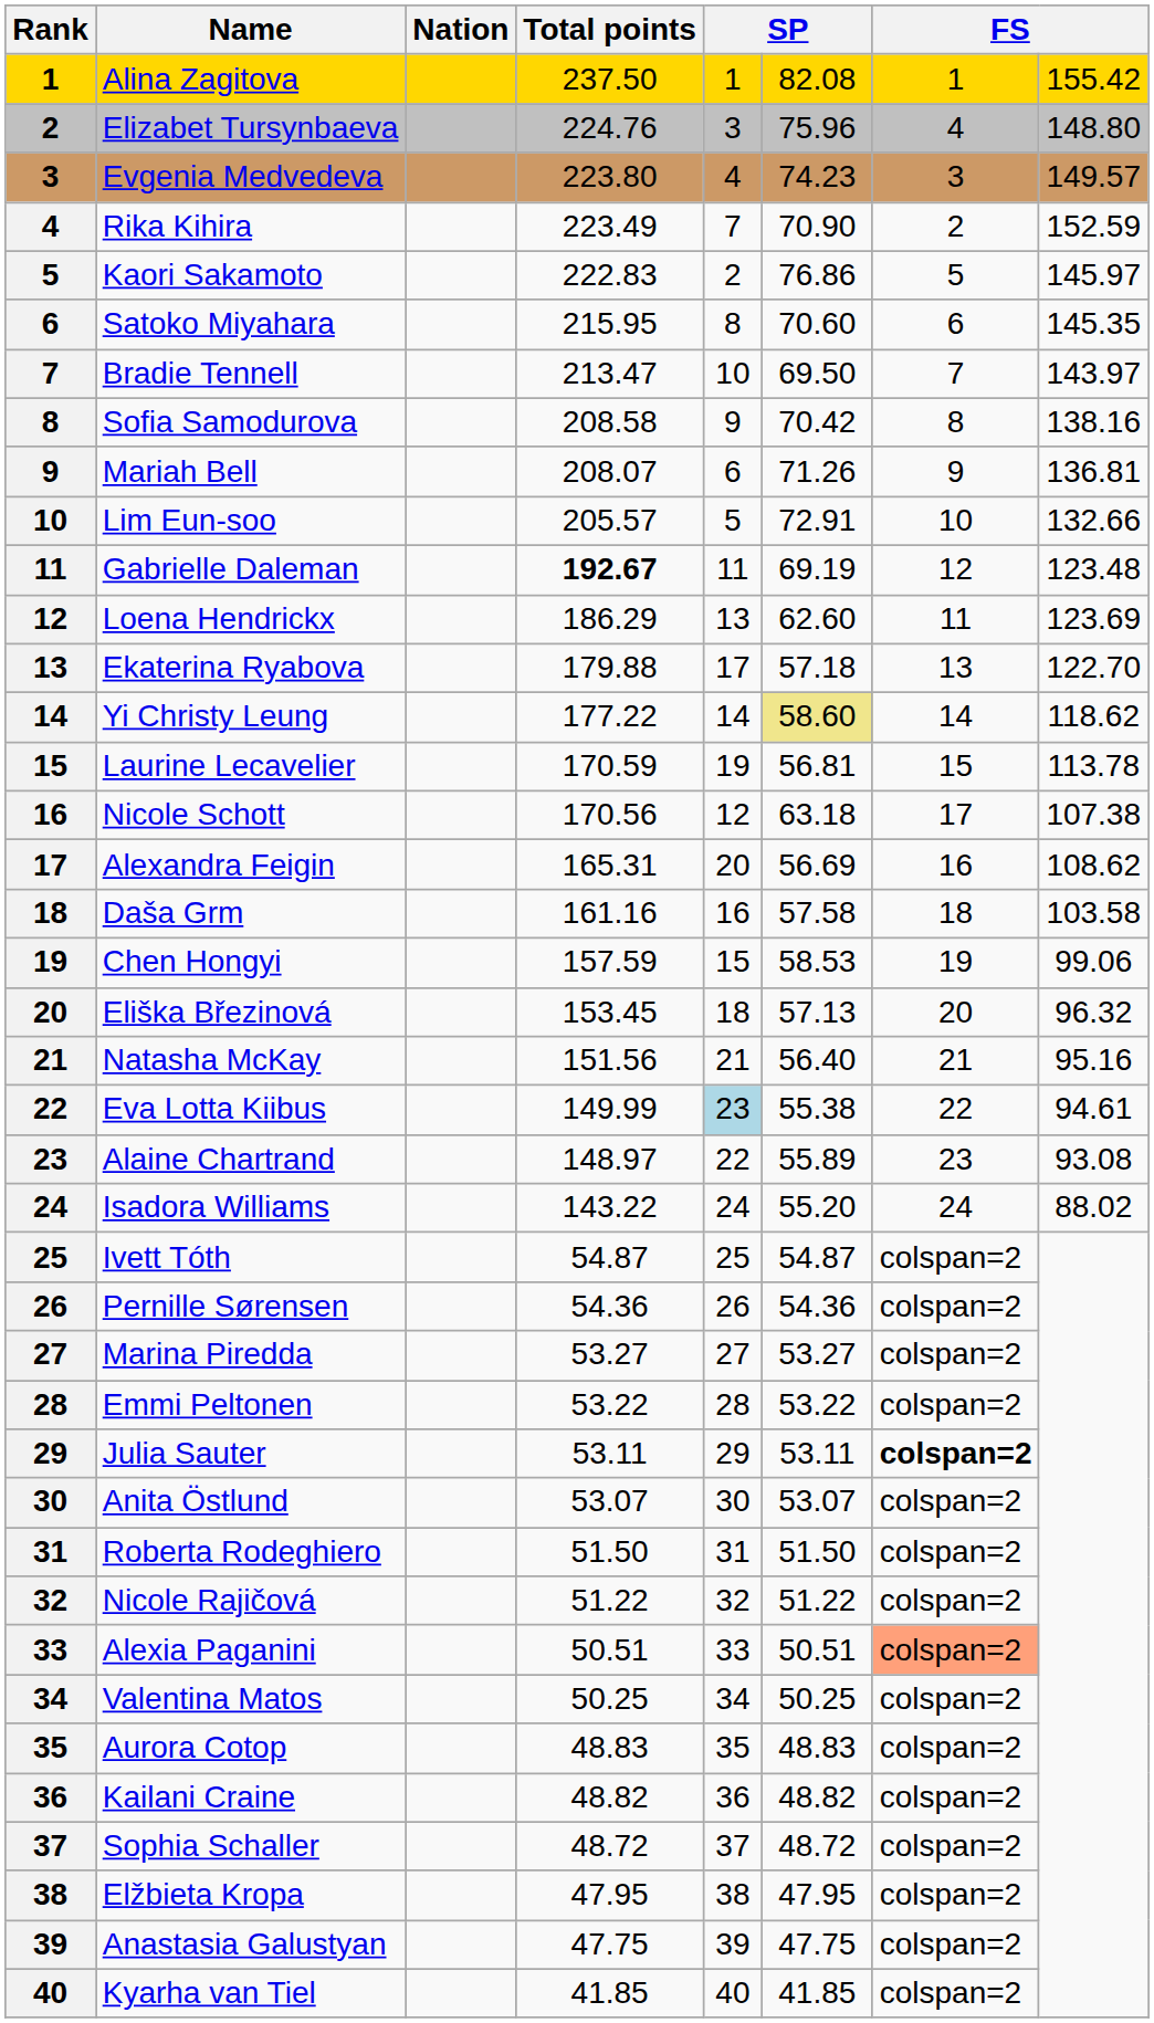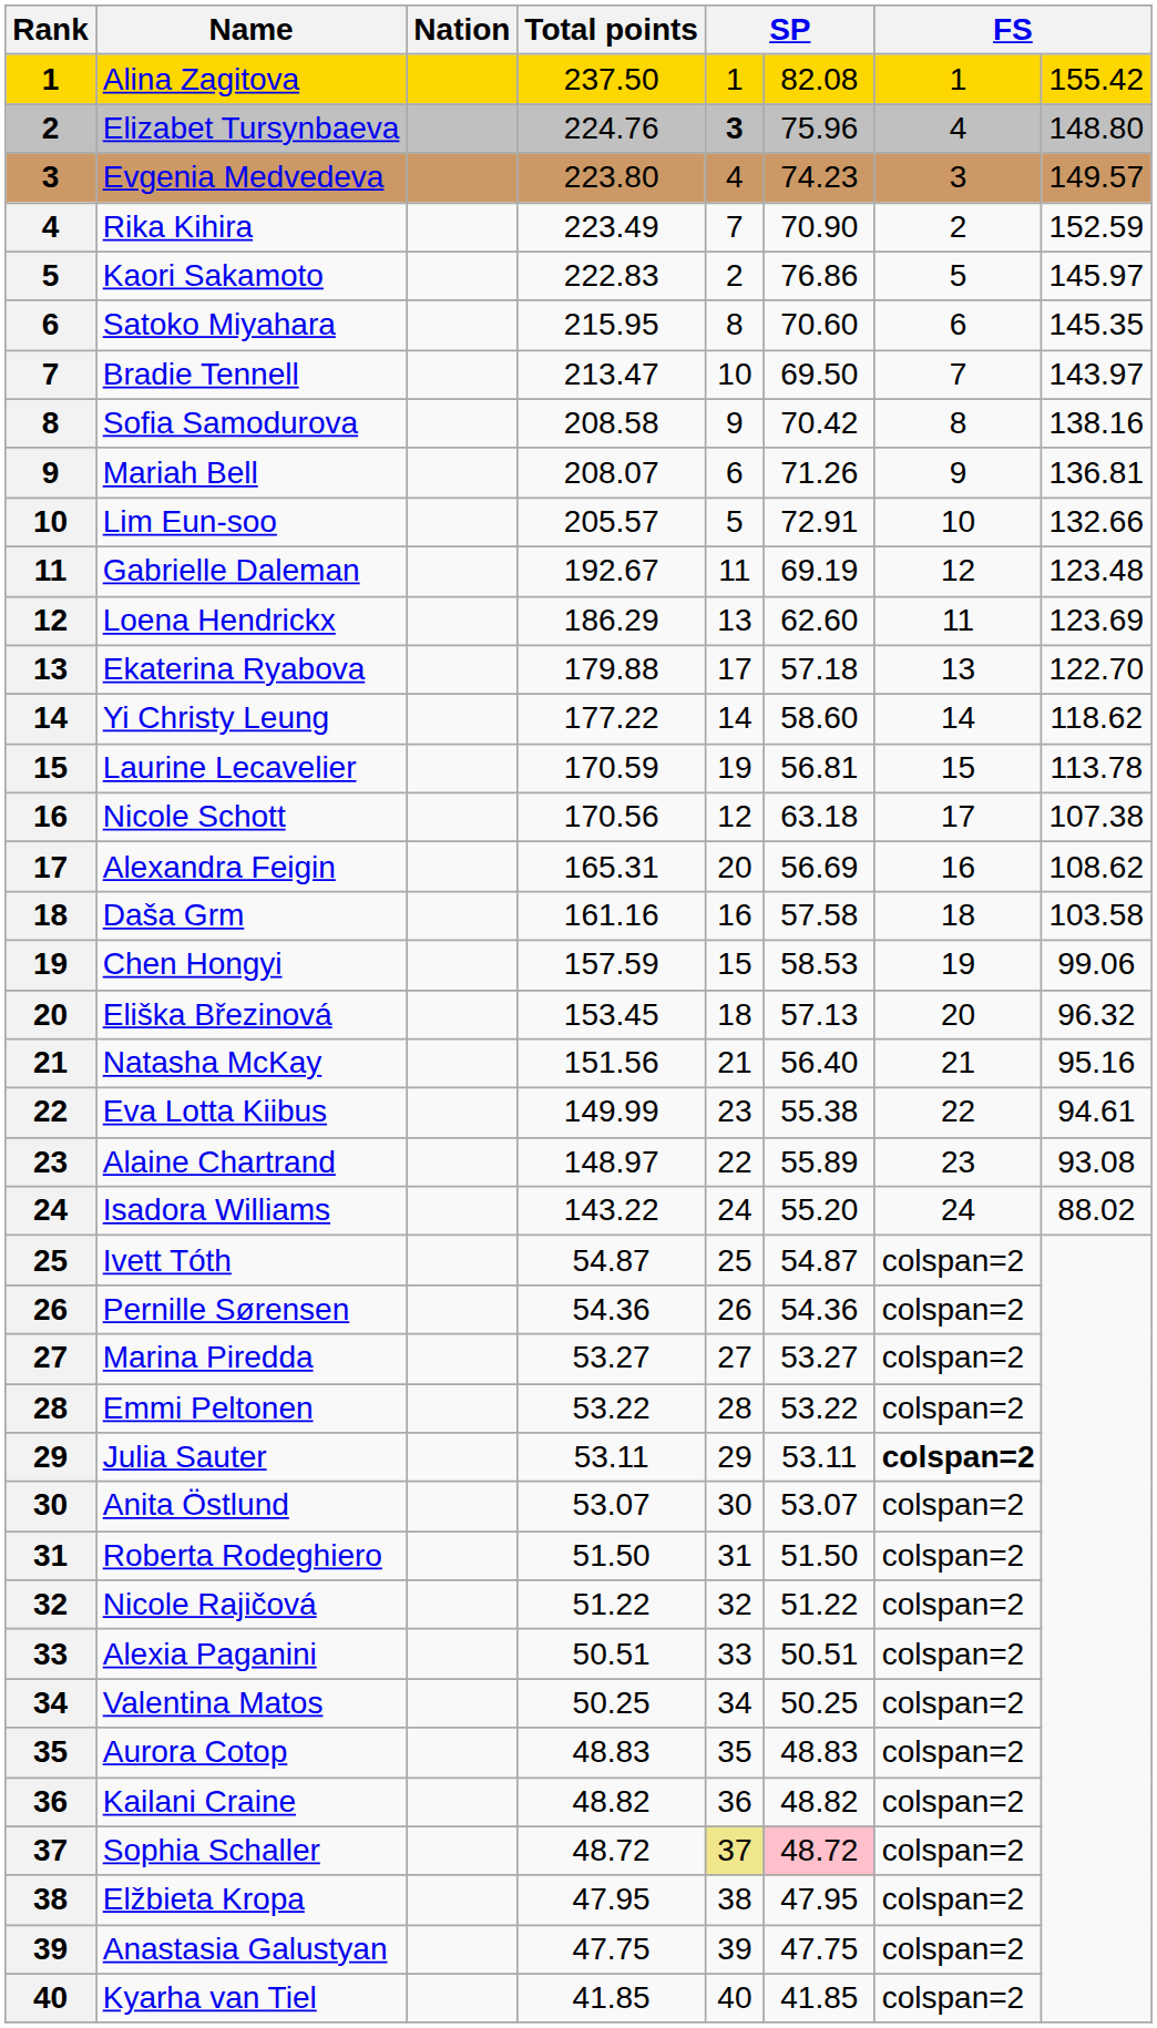 <table class="wikitable sortable">
 <tr>
 <th>Rank</th>
 <th>Name</th>
 <th>Nation</th>
 <th>Total points</th>
 <th colspan="2" width="80px"><a href='#'>SP</a></th>
 <th colspan="2" width="80px"><a href='#'>FS</a></th>
 </tr>
 <tr bgcolor="gold">
 <td align="center"><strong>1</strong></td>
 <td><a href='#'>Alina Zagitova</a></td>
 <td></td>
 <td align="center">237.50</td>
 <td align="center">1</td>
 <td align="center">82.08</td>
 <td align="center">1</td>
 <td align="center">155.42</td>
 </tr>
 <tr bgcolor="silver">
 <td align="center"><strong>2</strong></td>
 <td><a href='#'>Elizabet Tursynbaeva</a></td>
 <td></td>
 <td align="center">224.76</td>
-<td align="center">3</td>
+<td align="center"><strong>3</strong></td>
 <td align="center">75.96</td>
 <td align="center">4</td>
 <td align="center">148.80</td>
 </tr>
 <tr bgcolor="cc9966">
 <td align="center"><strong>3</strong></td>
 <td><a href='#'>Evgenia Medvedeva</a></td>
 <td></td>
 <td align="center">223.80</td>
 <td align="center">4</td>
 <td align="center">74.23</td>
 <td align="center">3</td>
 <td align="center">149.57</td>
 </tr>
 <tr>
 <th>4</th>
 <td><a href='#'>Rika Kihira</a></td>
 <td></td>
 <td align="center">223.49</td>
 <td align="center">7</td>
 <td align="center">70.90</td>
 <td align="center">2</td>
 <td align="center">152.59</td>
 </tr>
 <tr>
 <th>5</th>
 <td><a href='#'>Kaori Sakamoto</a></td>
 <td></td>
 <td align="center">222.83</td>
 <td align="center">2</td>
 <td align="center">76.86</td>
 <td align="center">5</td>
 <td align="center">145.97</td>
 </tr>
 <tr>
 <th>6</th>
 <td><a href='#'>Satoko Miyahara</a></td>
 <td></td>
 <td align="center">215.95</td>
 <td align="center">8</td>
 <td align="center">70.60</td>
 <td align="center">6</td>
 <td align="center">145.35</td>
 </tr>
 <tr>
 <th>7</th>
 <td><a href='#'>Bradie Tennell</a></td>
 <td></td>
 <td align="center">213.47</td>
 <td align="center">10</td>
 <td align="center">69.50</td>
 <td align="center">7</td>
 <td align="center">143.97</td>
 </tr>
 <tr>
 <th>8</th>
 <td><a href='#'>Sofia Samodurova</a></td>
 <td></td>
 <td align="center">208.58</td>
 <td align="center">9</td>
 <td align="center">70.42</td>
 <td align="center">8</td>
 <td align="center">138.16</td>
 </tr>
 <tr>
 <th>9</th>
 <td><a href='#'>Mariah Bell</a></td>
 <td></td>
 <td align="center">208.07</td>
 <td align="center">6</td>
 <td align="center">71.26</td>
 <td align="center">9</td>
 <td align="center">136.81</td>
 </tr>
 <tr>
 <th>10</th>
 <td><a href='#'>Lim Eun-soo</a></td>
 <td></td>
 <td align="center">205.57</td>
 <td align="center">5</td>
 <td align="center">72.91</td>
 <td align="center">10</td>
 <td align="center">132.66</td>
 </tr>
 <tr>
 <th>11</th>
 <td><a href='#'>Gabrielle Daleman</a></td>
 <td></td>
-<td align="center"><strong>192.67</strong></td>
+<td align="center">192.67</td>
 <td align="center">11</td>
 <td align="center">69.19</td>
 <td align="center">12</td>
 <td align="center">123.48</td>
 </tr>
 <tr>
 <th>12</th>
 <td><a href='#'>Loena Hendrickx</a></td>
 <td></td>
 <td align="center">186.29</td>
 <td align="center">13</td>
 <td align="center">62.60</td>
 <td align="center">11</td>
 <td align="center">123.69</td>
 </tr>
 <tr>
 <th>13</th>
 <td><a href='#'>Ekaterina Ryabova</a></td>
 <td></td>
 <td align="center">179.88</td>
 <td align="center">17</td>
 <td align="center">57.18</td>
 <td align="center">13</td>
 <td align="center">122.70</td>
 </tr>
 <tr>
 <th>14</th>
 <td><a href='#'>Yi Christy Leung</a></td>
 <td></td>
 <td align="center">177.22</td>
 <td align="center">14</td>
-<td align="center" style="background: khaki;">58.60</td>
+<td align="center">58.60</td>
 <td align="center">14</td>
 <td align="center">118.62</td>
 </tr>
 <tr>
 <th>15</th>
 <td><a href='#'>Laurine Lecavelier</a></td>
 <td></td>
 <td align="center">170.59</td>
 <td align="center">19</td>
 <td align="center">56.81</td>
 <td align="center">15</td>
 <td align="center">113.78</td>
 </tr>
 <tr>
 <th>16</th>
 <td><a href='#'>Nicole Schott</a></td>
 <td></td>
 <td align="center">170.56</td>
 <td align="center">12</td>
 <td align="center">63.18</td>
 <td align="center">17</td>
 <td align="center">107.38</td>
 </tr>
 <tr>
 <th>17</th>
 <td><a href='#'>Alexandra Feigin</a></td>
 <td></td>
 <td align="center">165.31</td>
 <td align="center">20</td>
 <td align="center">56.69</td>
 <td align="center">16</td>
 <td align="center">108.62</td>
 </tr>
 <tr>
 <th>18</th>
 <td><a href='#'>Daša Grm</a></td>
 <td></td>
 <td align="center">161.16</td>
 <td align="center">16</td>
 <td align="center">57.58</td>
 <td align="center">18</td>
 <td align="center">103.58</td>
 </tr>
 <tr>
 <th>19</th>
 <td><a href='#'>Chen Hongyi</a></td>
 <td></td>
 <td align="center">157.59</td>
 <td align="center">15</td>
 <td align="center">58.53</td>
 <td align="center">19</td>
 <td align="center">99.06</td>
 </tr>
 <tr>
 <th>20</th>
 <td><a href='#'>Eliška Březinová</a></td>
 <td></td>
 <td align="center">153.45</td>
 <td align="center">18</td>
 <td align="center">57.13</td>
 <td align="center">20</td>
 <td align="center">96.32</td>
 </tr>
 <tr>
 <th>21</th>
 <td><a href='#'>Natasha McKay</a></td>
 <td></td>
 <td align="center">151.56</td>
 <td align="center">21</td>
 <td align="center">56.40</td>
 <td align="center">21</td>
 <td align="center">95.16</td>
 </tr>
 <tr>
 <th>22</th>
 <td><a href='#'>Eva Lotta Kiibus</a></td>
 <td></td>
 <td align="center">149.99</td>
-<td align="center" style="background: lightblue;">23</td>
+<td align="center">23</td>
 <td align="center">55.38</td>
 <td align="center">22</td>
 <td align="center">94.61</td>
 </tr>
 <tr>
 <th>23</th>
 <td><a href='#'>Alaine Chartrand</a></td>
 <td></td>
 <td align="center">148.97</td>
 <td align="center">22</td>
 <td align="center">55.89</td>
 <td align="center">23</td>
 <td align="center">93.08</td>
 </tr>
 <tr>
 <th>24</th>
 <td><a href='#'>Isadora Williams</a></td>
 <td></td>
 <td align="center">143.22</td>
 <td align="center">24</td>
 <td align="center">55.20</td>
 <td align="center">24</td>
 <td align="center">88.02</td>
 </tr>
 <tr>
 <th>25</th>
 <td><a href='#'>Ivett Tóth</a></td>
 <td></td>
 <td align="center">54.87</td>
 <td align="center">25</td>
 <td align="center">54.87</td>
 <td>colspan=2 </td>
 </tr>
 <tr>
 <th>26</th>
 <td><a href='#'>Pernille Sørensen</a></td>
 <td></td>
 <td align="center">54.36</td>
 <td align="center">26</td>
 <td align="center">54.36</td>
 <td>colspan=2 </td>
 </tr>
 <tr>
 <th>27</th>
 <td><a href='#'>Marina Piredda</a></td>
 <td></td>
 <td align="center">53.27</td>
 <td align="center">27</td>
 <td align="center">53.27</td>
 <td>colspan=2 </td>
 </tr>
 <tr>
 <th>28</th>
 <td><a href='#'>Emmi Peltonen</a></td>
 <td></td>
 <td align="center">53.22</td>
 <td align="center">28</td>
 <td align="center">53.22</td>
 <td>colspan=2 </td>
 </tr>
 <tr>
 <th>29</th>
 <td><a href='#'>Julia Sauter</a></td>
 <td></td>
 <td align="center">53.11</td>
 <td align="center">29</td>
 <td align="center">53.11</td>
 <td><strong>colspan=2 </strong></td>
 </tr>
 <tr>
 <th>30</th>
 <td><a href='#'>Anita Östlund</a></td>
 <td></td>
 <td align="center">53.07</td>
 <td align="center">30</td>
 <td align="center">53.07</td>
 <td>colspan=2 </td>
 </tr>
 <tr>
 <th>31</th>
 <td><a href='#'>Roberta Rodeghiero</a></td>
 <td></td>
 <td align="center">51.50</td>
 <td align="center">31</td>
 <td align="center">51.50</td>
 <td>colspan=2 </td>
 </tr>
 <tr>
 <th>32</th>
 <td><a href='#'>Nicole Rajičová</a></td>
 <td></td>
 <td align="center">51.22</td>
 <td align="center">32</td>
 <td align="center">51.22</td>
 <td>colspan=2 </td>
 </tr>
 <tr>
 <th>33</th>
 <td><a href='#'>Alexia Paganini</a></td>
 <td></td>
 <td align="center">50.51</td>
 <td align="center">33</td>
 <td align="center">50.51</td>
-<td style="background: lightsalmon;">colspan=2 </td>
+<td>colspan=2 </td>
 </tr>
 <tr>
 <th>34</th>
 <td><a href='#'>Valentina Matos</a></td>
 <td></td>
 <td align="center">50.25</td>
 <td align="center">34</td>
 <td align="center">50.25</td>
 <td>colspan=2 </td>
 </tr>
 <tr>
 <th>35</th>
 <td><a href='#'>Aurora Cotop</a></td>
 <td></td>
 <td align="center">48.83</td>
 <td align="center">35</td>
 <td align="center">48.83</td>
 <td>colspan=2 </td>
 </tr>
 <tr>
 <th>36</th>
 <td><a href='#'>Kailani Craine</a></td>
 <td></td>
 <td align=center>48.82</td>
 <td align=center>36</td>
 <td align=center>48.82</td>
 <td>colspan=2 </td>
 </tr>
 <tr>
 <th>37</th>
 <td><a href='#'>Sophia Schaller</a></td>
 <td></td>
 <td align="center">48.72</td>
-<td align="center">37</td>
-<td align="center">48.72</td>
+<td align="center" style="background: khaki;">37</td>
+<td align="center" style="background: pink;">48.72</td>
 <td>colspan=2 </td>
 </tr>
 <tr>
 <th>38</th>
 <td><a href='#'>Elžbieta Kropa</a></td>
 <td></td>
 <td align="center">47.95</td>
 <td align="center">38</td>
 <td align="center">47.95</td>
 <td>colspan=2 </td>
 </tr>
 <tr>
 <th>39</th>
 <td><a href='#'>Anastasia Galustyan</a></td>
 <td></td>
 <td align="center">47.75</td>
 <td align="center">39</td>
 <td align="center">47.75</td>
 <td>colspan=2 </td>
 </tr>
 <tr>
 <th>40</th>
 <td><a href='#'>Kyarha van Tiel</a></td>
 <td></td>
 <td align="center">41.85</td>
 <td align="center">40</td>
 <td align="center">41.85</td>
 <td>colspan=2 </td>
 </tr>
 </table>
